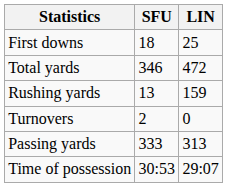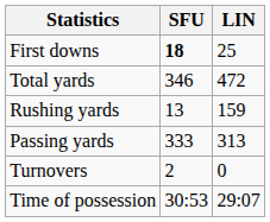 <table class="wikitable" style="float: left;">
 <tr>
 <th>Statistics</th>
 <th>SFU</th>
 <th>LIN</th>
 </tr>
 <tr>
 <td>First downs</td>
-<td>18</td>
+<td><strong>18</strong></td>
 <td>25</td>
 </tr>
 <tr>
 <td>Total yards</td>
 <td>346</td>
 <td>472</td>
 </tr>
 <tr>
 <td>Rushing yards</td>
 <td>13</td>
 <td>159</td>
 </tr>
 <tr>
+<td>Passing yards</td>
+<td>333</td>
+<td>313</td>
+</tr>
+<tr>
 <td>Turnovers</td>
 <td>2</td>
 <td>0</td>
-</tr>
-<tr>
-<td>Passing yards</td>
-<td>333</td>
-<td>313</td>
 </tr>
 <tr>
 <td>Time of possession</td>
 <td>30:53</td>
 <td>29:07</td>
 </tr>
 <tr>
 </tr>
 </table>
